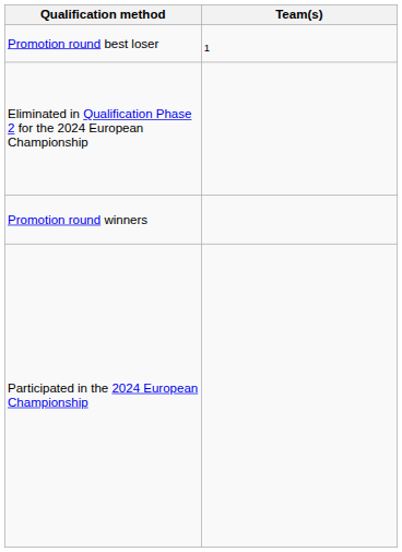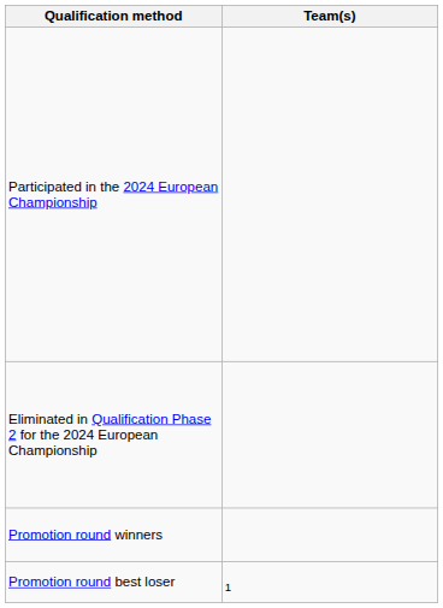 <table class="wikitable" style="width: 500px;">
 <tr>
 <th style="width: 50%;">Qualification method</th>
 <th style="width: 50%;">Team(s)</th>
 </tr>
 <tr>
-<td><a href='#'>Promotion round</a> best loser</td>
-<td><br> <sup>1</sup><br></td>
+<td>Participated in the <a href='#'>2024 European Championship</a></td>
+<td><br><br> <br> <br> <br> <br> <br> <br> <br> <br> <br> <br> <br> <br> <br> <br> <br> <br> <br> <br> <br></td>
 </tr>
 <tr>
 <td>Eliminated in <a href='#'>Qualification Phase 2</a> for the 2024 European Championship</td>
 <td><br><br> <br> <br> <br> <br> <br> <br> <br></td>
 </tr>
 <tr>
 <td><a href='#'>Promotion round</a> winners</td>
 <td><br><br> <br> </td>
 </tr>
 <tr>
-<td>Participated in the <a href='#'>2024 European Championship</a></td>
-<td><br><br> <br> <br> <br> <br> <br> <br> <br> <br> <br> <br> <br> <br> <br> <br> <br> <br> <br> <br> <br></td>
+<td><a href='#'>Promotion round</a> best loser</td>
+<td><br> <sup>1</sup><br></td>
 </tr>
 </table>
